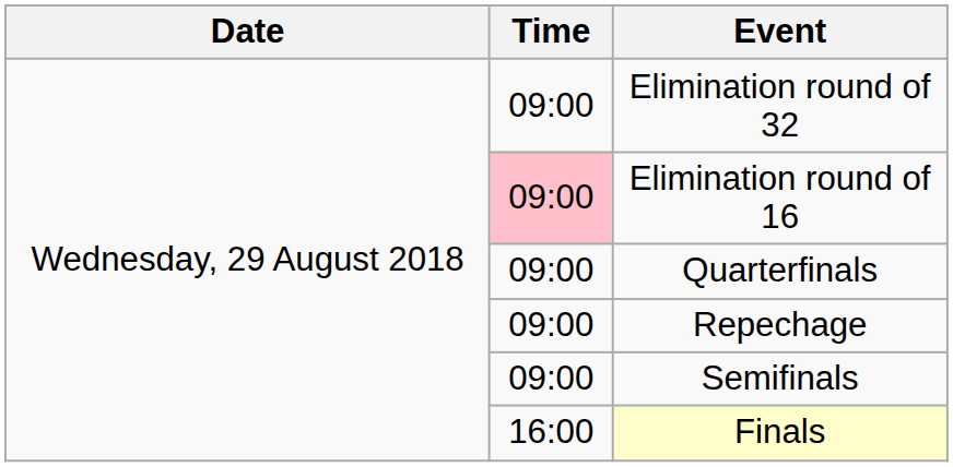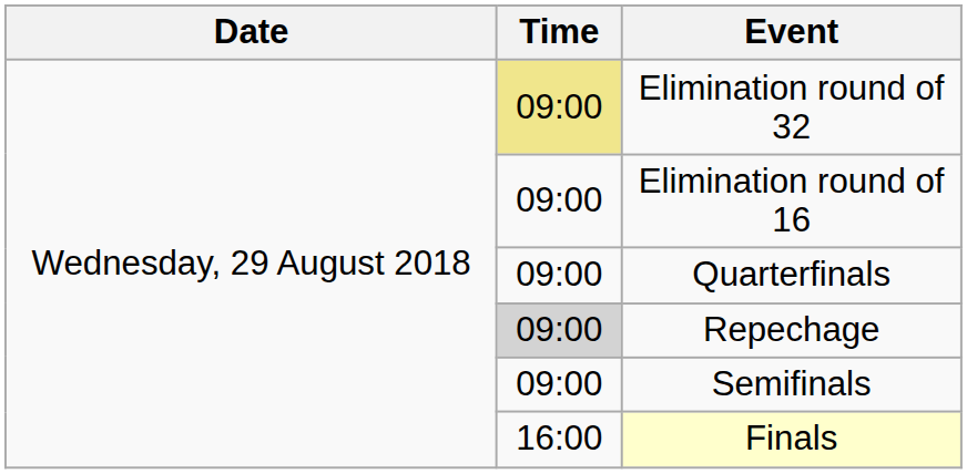 <table class = "wikitable" style="text-align:center;">
 <tr>
 <th width=220>Date</th>
 <th width=50>Time</th>
 <th width=150>Event</th>
 </tr>
 <tr>
 <td rowspan=6>Wednesday, 29 August 2018</td>
-<td>09:00</td>
+<td style="background: khaki;">09:00</td>
 <td>Elimination round of 32</td>
 </tr>
 <tr>
-<td style="background: pink;">09:00</td>
+<td>09:00</td>
 <td>Elimination round of 16</td>
 </tr>
 <tr>
 <td>09:00</td>
 <td>Quarterfinals</td>
 </tr>
 <tr>
-<td>09:00</td>
+<td style="background: lightgrey;">09:00</td>
 <td>Repechage</td>
 </tr>
 <tr>
 <td>09:00</td>
 <td>Semifinals</td>
 </tr>
 <tr>
 <td>16:00</td>
 <td bgcolor=ffffcc>Finals</td>
 </tr>
 </table>
